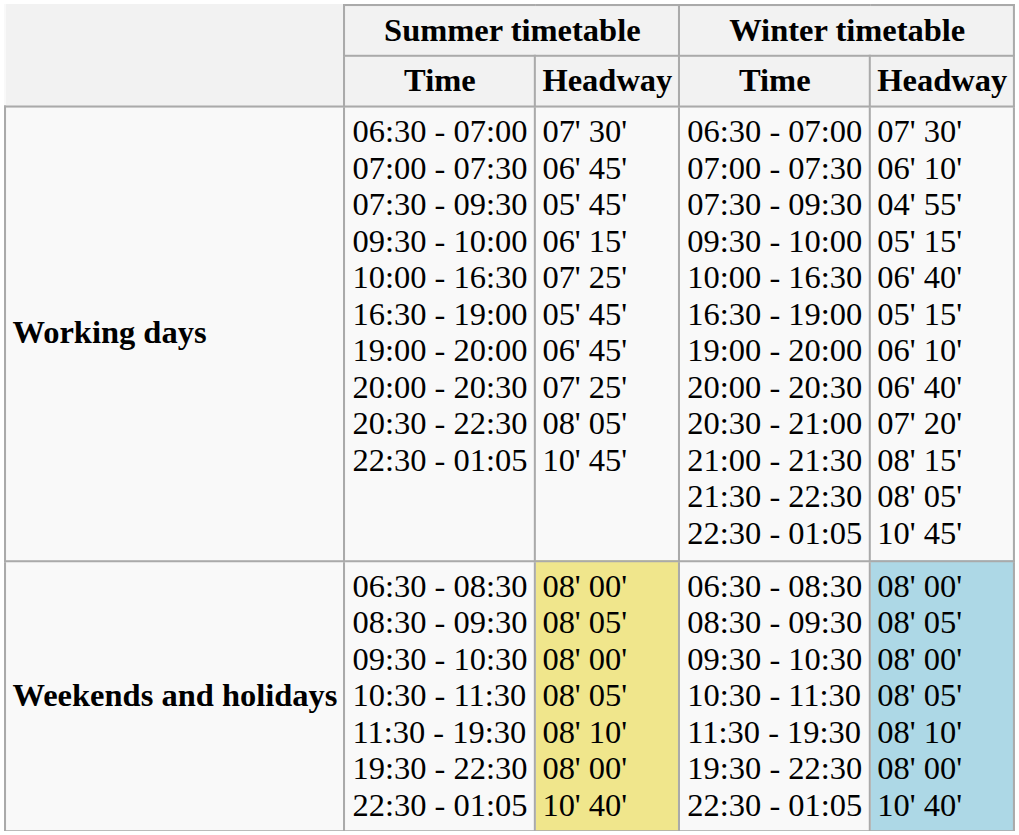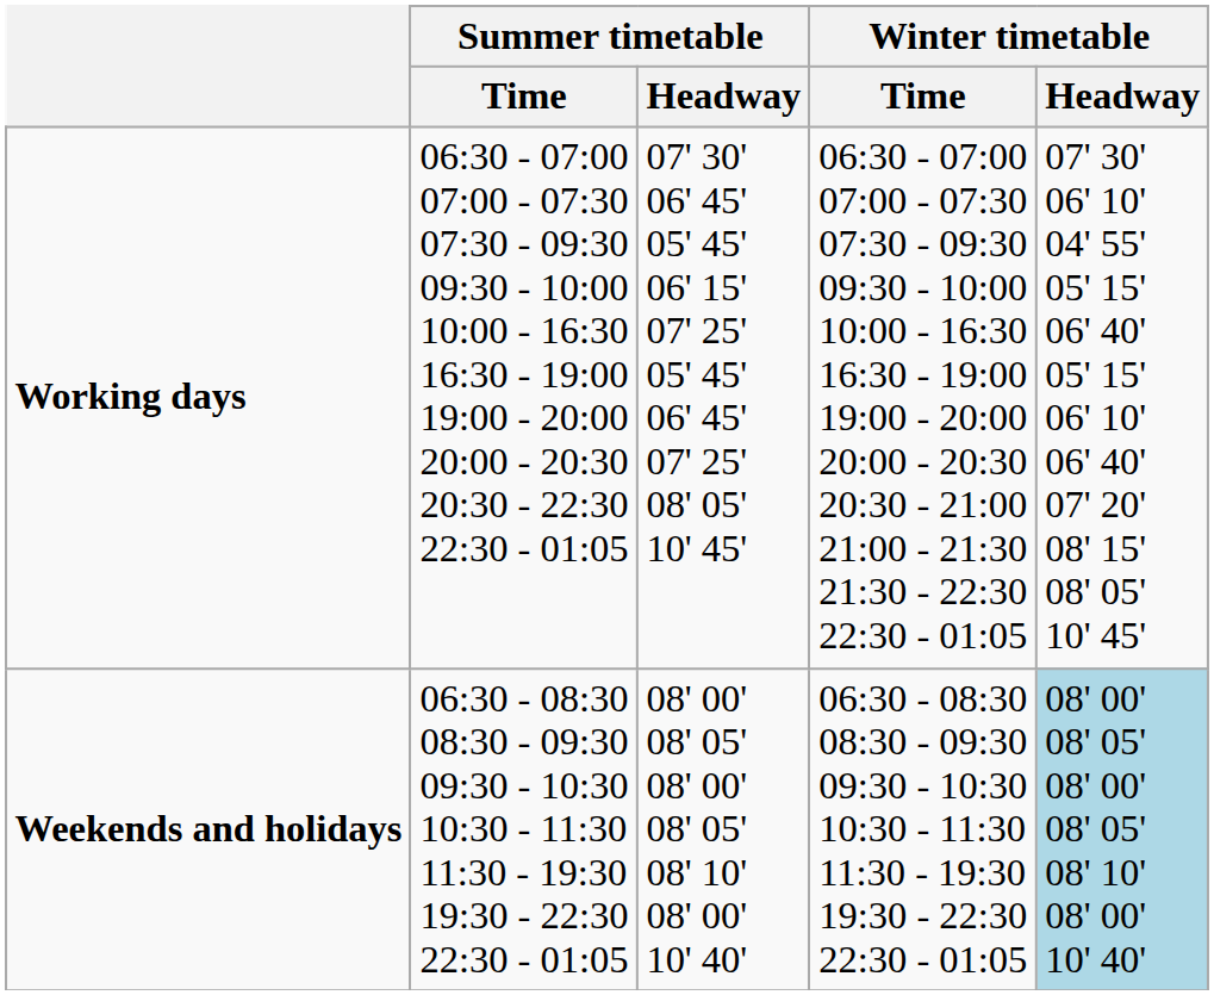 <table class="wikitable" style="border: none;">
 <tr>
 <th colspan="1" rowspan="3" style="border: none;"></th>
 </tr>
 <tr>
 <th colspan="2">Summer timetable</th>
 <th colspan="2">Winter timetable</th>
 </tr>
 <tr>
 <th>Time</th>
 <th>Headway</th>
 <th>Time</th>
 <th>Headway</th>
 </tr>
 <tr>
 <td><strong>Working days</strong></td>
 <td style="vertical-align: top;">06:30 - 07:00<br>07:00 - 07:30<br>07:30 - 09:30<br>09:30 - 10:00<br>10:00 - 16:30<br>16:30 - 19:00<br>19:00 - 20:00<br>20:00 - 20:30<br>20:30 - 22:30<br>22:30 - 01:05</td>
 <td style="vertical-align: top;">07' 30'<br>06' 45'<br>05' 45'<br>06' 15'<br>07' 25'<br>05' 45'<br>06' 45'<br>07' 25'<br>08' 05'<br>10' 45'</td>
 <td style="vertical-align: top;">06:30 - 07:00<br>07:00 - 07:30<br>07:30 - 09:30<br>09:30 - 10:00<br>10:00 - 16:30<br>16:30 - 19:00<br>19:00 - 20:00<br>20:00 - 20:30<br>20:30 - 21:00<br>21:00 - 21:30<br>21:30 - 22:30<br>22:30 - 01:05</td>
 <td style="vertical-align: top;">07' 30'<br>06' 10'<br>04' 55'<br>05' 15'<br>06' 40'<br>05' 15'<br>06' 10'<br>06' 40'<br>07' 20'<br>08' 15'<br>08' 05'<br>10' 45'</td>
 </tr>
 <tr>
 <td><strong>Weekends and holidays</strong></td>
 <td style="vertical-align: top;">06:30 - 08:30<br>08:30 - 09:30<br>09:30 - 10:30<br>10:30 - 11:30<br>11:30 - 19:30<br>19:30 - 22:30<br>22:30 - 01:05</td>
-<td style="background: khaki; vertical-align: top;">08' 00'<br>08' 05'<br>08' 00'<br>08' 05'<br>08' 10'<br>08' 00'<br>10' 40'</td>
+<td style="vertical-align: top;">08' 00'<br>08' 05'<br>08' 00'<br>08' 05'<br>08' 10'<br>08' 00'<br>10' 40'</td>
 <td style="vertical-align: top;">06:30 - 08:30<br>08:30 - 09:30<br>09:30 - 10:30<br>10:30 - 11:30<br>11:30 - 19:30<br>19:30 - 22:30<br>22:30 - 01:05</td>
 <td style="background: lightblue; vertical-align: top;">08' 00'<br>08' 05'<br>08' 00'<br>08' 05'<br>08' 10'<br>08' 00'<br>10' 40'</td>
 </tr>
 <tr>
 </tr>
 </table>
